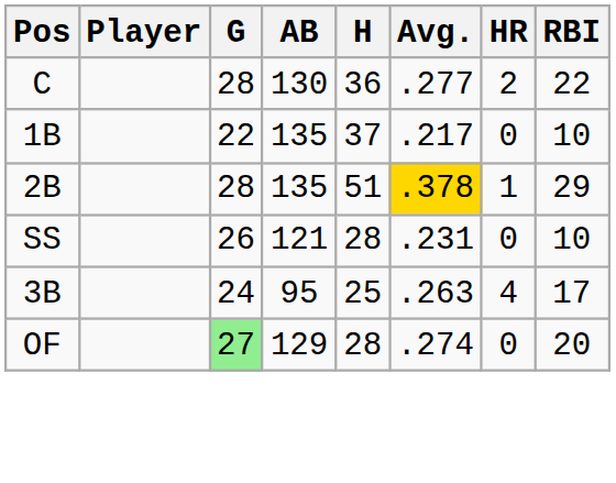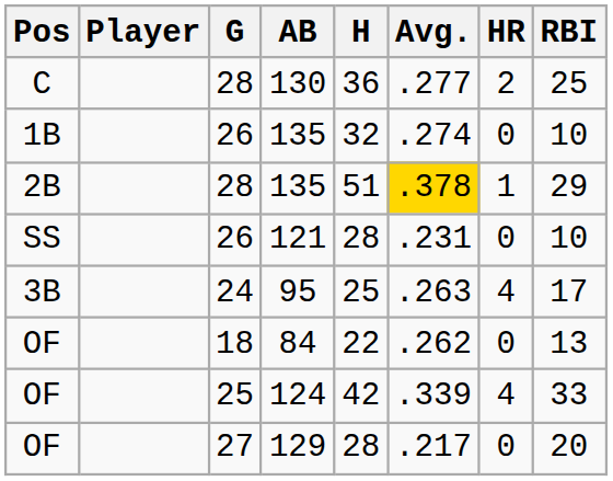 <table class="wikitable sortable">
 <tr>
 <th>Pos</th>
 <th>Player</th>
 <th>G</th>
 <th>AB</th>
 <th>H</th>
 <th>Avg.</th>
 <th>HR</th>
 <th>RBI</th>
 </tr>
 <tr align="center">
 <td>C</td>
 <td></td>
 <td>28</td>
 <td>130</td>
 <td>36</td>
 <td>.277</td>
 <td>2</td>
-<td>22</td>
+<td>25</td>
 </tr>
 <tr align="center">
 <td>1B</td>
 <td></td>
-<td>22</td>
+<td>26</td>
 <td>135</td>
-<td>37</td>
-<td>.217</td>
+<td>32</td>
+<td>.274</td>
 <td>0</td>
 <td>10</td>
 </tr>
 <tr align="center">
 <td>2B</td>
 <td></td>
 <td>28</td>
 <td>135</td>
 <td>51</td>
 <td style="background: gold;">.378</td>
 <td>1</td>
 <td>29</td>
 </tr>
 <tr align="center">
 <td>SS</td>
 <td></td>
 <td>26</td>
 <td>121</td>
 <td>28</td>
 <td>.231</td>
 <td>0</td>
 <td>10</td>
 </tr>
 <tr align="center">
 <td>3B</td>
 <td></td>
 <td>24</td>
 <td>95</td>
 <td>25</td>
 <td>.263</td>
 <td>4</td>
 <td>17</td>
 </tr>
 <tr align="center">
 <td>OF</td>
 <td></td>
-<td style="background: lightgreen;">27</td>
+<td>18</td>
+<td>84</td>
+<td>22</td>
+<td>.262</td>
+<td>0</td>
+<td>13</td>
+</tr>
+<tr align="center">
+<td>OF</td>
+<td></td>
+<td>25</td>
+<td>124</td>
+<td>42</td>
+<td>.339</td>
+<td>4</td>
+<td>33</td>
+</tr>
+<tr align="center">
+<td>OF</td>
+<td></td>
+<td>27</td>
 <td>129</td>
 <td>28</td>
-<td>.274</td>
+<td>.217</td>
 <td>0</td>
 <td>20</td>
 </tr>
 </table>
